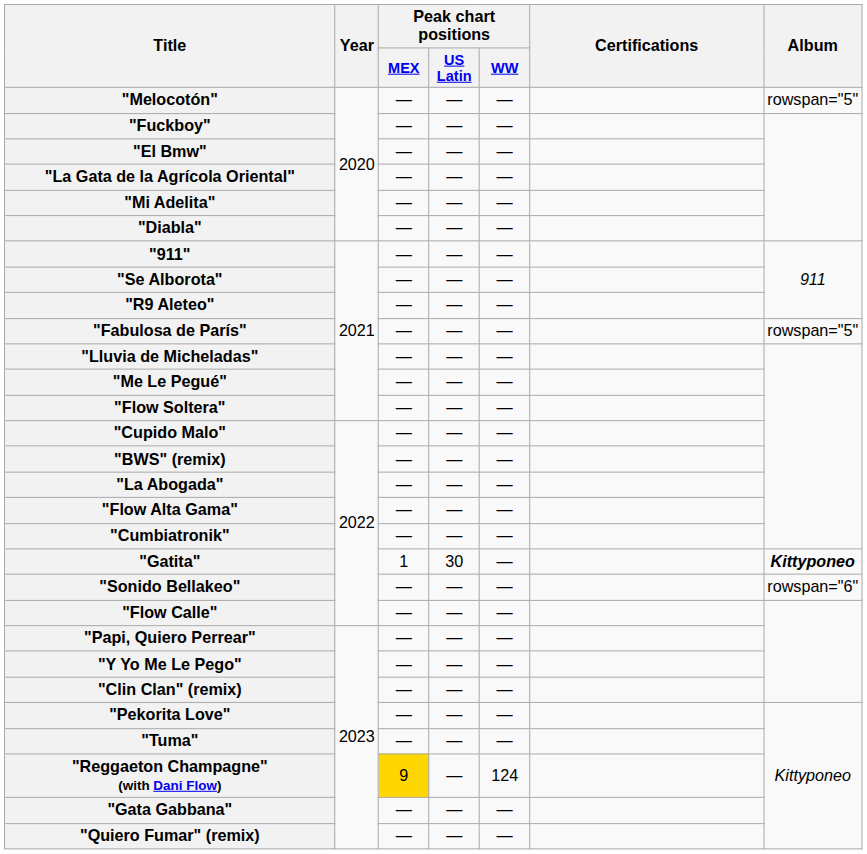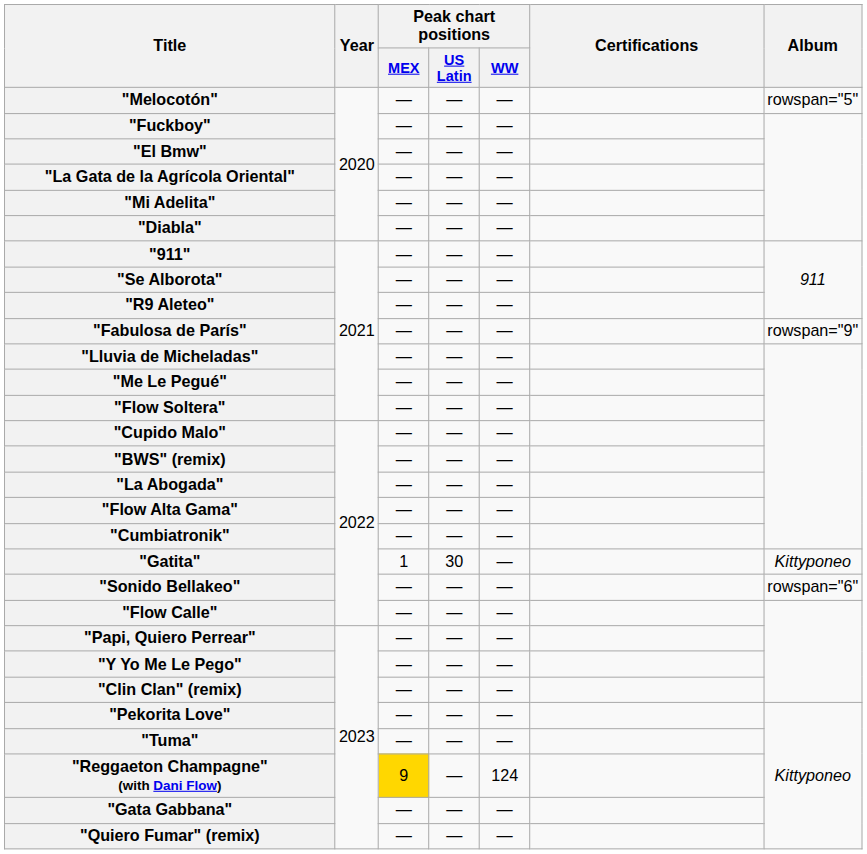 <table class="wikitable plainrowheaders" style="text-align:center;">
 <tr>
 <th scope="col" rowspan="2" style="width:20em;">Title</th>
 <th scope="col" rowspan="2">Year</th>
 <th scope="col" colspan="3">Peak chart positions</th>
 <th scope="col" rowspan="2" style="width:14em;">Certifications</th>
 <th scope="col" rowspan="2">Album</th>
 </tr>
 <tr>
 <th scope="col" style="width:3em;font-size:90%;"><a href='#'>MEX</a><br></th>
 <th scope="col" style="width:3em;font-size:90%;"><a href='#'>US<br>Latin</a><br></th>
 <th scope="col" style="width:3em;font-size:90%;"><a href='#'>WW</a><br></th>
 </tr>
 <tr>
 <th scope="row">"Melocotón"<br></th>
 <td rowspan="6">2020</td>
 <td>—</td>
 <td>—</td>
 <td>—</td>
 <td></td>
 <td>rowspan="5" </td>
 </tr>
 <tr>
 <th scope="row">"Fuckboy"<br></th>
 <td>—</td>
 <td>—</td>
 <td>—</td>
 <td></td>
 </tr>
 <tr>
 <th scope="row">"El Bmw"</th>
 <td>—</td>
 <td>—</td>
 <td>—</td>
 <td></td>
 </tr>
 <tr>
 <th scope="row">"La Gata de la Agrícola Oriental"<br></th>
 <td>—</td>
 <td>—</td>
 <td>—</td>
 <td></td>
 </tr>
 <tr>
 <th scope="row">"Mi Adelita"<br></th>
 <td>—</td>
 <td>—</td>
 <td>—</td>
 <td></td>
 </tr>
 <tr>
 <th scope="row">"Diabla"<br></th>
 <td>—</td>
 <td>—</td>
 <td>—</td>
 <td></td>
 </tr>
 <tr>
 <th scope="row">"911"<br></th>
 <td rowspan="7">2021</td>
 <td>—</td>
 <td>—</td>
 <td>—</td>
 <td></td>
 <td rowspan="3"><em>911</em></td>
 </tr>
 <tr>
 <th scope="row">"Se Alborota"<br></th>
 <td>—</td>
 <td>—</td>
 <td>—</td>
 <td></td>
 </tr>
 <tr>
 <th scope="row">"R9 Aleteo"<br></th>
 <td>—</td>
 <td>—</td>
 <td>—</td>
 <td></td>
 </tr>
 <tr>
 <th scope="row">"Fabulosa de París"</th>
 <td>—</td>
 <td>—</td>
 <td>—</td>
 <td></td>
-<td>rowspan="5" </td>
+<td>rowspan="9" </td>
 </tr>
 <tr>
 <th scope="row">"Lluvia de Micheladas"<br></th>
 <td>—</td>
 <td>—</td>
 <td>—</td>
 <td></td>
 </tr>
 <tr>
 <th scope="row">"Me Le Pegué"<br></th>
 <td>—</td>
 <td>—</td>
 <td>—</td>
 <td></td>
 </tr>
 <tr>
 <th scope="row">"Flow Soltera"<br></th>
 <td>—</td>
 <td>—</td>
 <td>—</td>
 <td></td>
 </tr>
 <tr>
 <th scope="row">"Cupido Malo"</th>
 <td rowspan="8">2022</td>
 <td>—</td>
 <td>—</td>
 <td>—</td>
 <td></td>
 </tr>
 <tr>
 <th scope="row">"BWS" (remix)<br></th>
 <td>—</td>
 <td>—</td>
 <td>—</td>
 <td></td>
 </tr>
 <tr>
 <th scope="row">"La Abogada"</th>
 <td>—</td>
 <td>—</td>
 <td>—</td>
 <td></td>
 </tr>
 <tr>
 <th scope="row">"Flow Alta Gama"</th>
 <td>—</td>
 <td>—</td>
 <td>—</td>
 <td></td>
 </tr>
 <tr>
 <th scope="row">"Cumbiatronik"</th>
 <td>—</td>
 <td>—</td>
 <td>—</td>
 <td></td>
 </tr>
 <tr>
 <th scope="row">"Gatita"</th>
 <td>1</td>
 <td>30</td>
 <td>—</td>
 <td></td>
-<td rowspan="1"><strong><em>Kittyponeo</em></strong></td>
+<td rowspan="1"><em>Kittyponeo</em></td>
 </tr>
 <tr>
 <th scope="row">"Sonido Bellakeo"</th>
 <td>—</td>
 <td>—</td>
 <td>—</td>
 <td></td>
 <td>rowspan="6" </td>
 </tr>
 <tr>
 <th scope="row">"Flow Calle"<br></th>
 <td>—</td>
 <td>—</td>
 <td>—</td>
 <td></td>
 </tr>
 <tr>
 <th scope="row">"Papi, Quiero Perrear"</th>
 <td rowspan="8">2023</td>
 <td>—</td>
 <td>—</td>
 <td>—</td>
 <td></td>
 </tr>
 <tr>
 <th scope="row">"Y Yo Me Le Pego"<br></th>
 <td>—</td>
 <td>—</td>
 <td>—</td>
 <td></td>
 </tr>
 <tr>
 <th scope="row">"Clin Clan" (remix)<br></th>
 <td>—</td>
 <td>—</td>
 <td>—</td>
 <td></td>
 </tr>
 <tr>
 <th scope="row">"Pekorita Love"<br></th>
 <td>—</td>
 <td>—</td>
 <td>—</td>
 <td></td>
 <td rowspan="5"><em>Kittyponeo</em></td>
 </tr>
 <tr>
 <th scope="row">"Tuma"</th>
 <td>—</td>
 <td>—</td>
 <td>—</td>
 <td></td>
 </tr>
 <tr>
 <th scope="row">"Reggaeton Champagne"<br><small>(with <a href='#'>Dani Flow</a>)</small></th>
 <td style="background: gold;">9</td>
 <td>—</td>
 <td>124</td>
 <td></td>
 </tr>
 <tr>
 <th scope="row">"Gata Gabbana"<br></th>
 <td>—</td>
 <td>—</td>
 <td>—</td>
 <td></td>
 </tr>
 <tr>
 <th scope="row">"Quiero Fumar" (remix)<br></th>
 <td>—</td>
 <td>—</td>
 <td>—</td>
 <td></td>
 </tr>
 </table>
